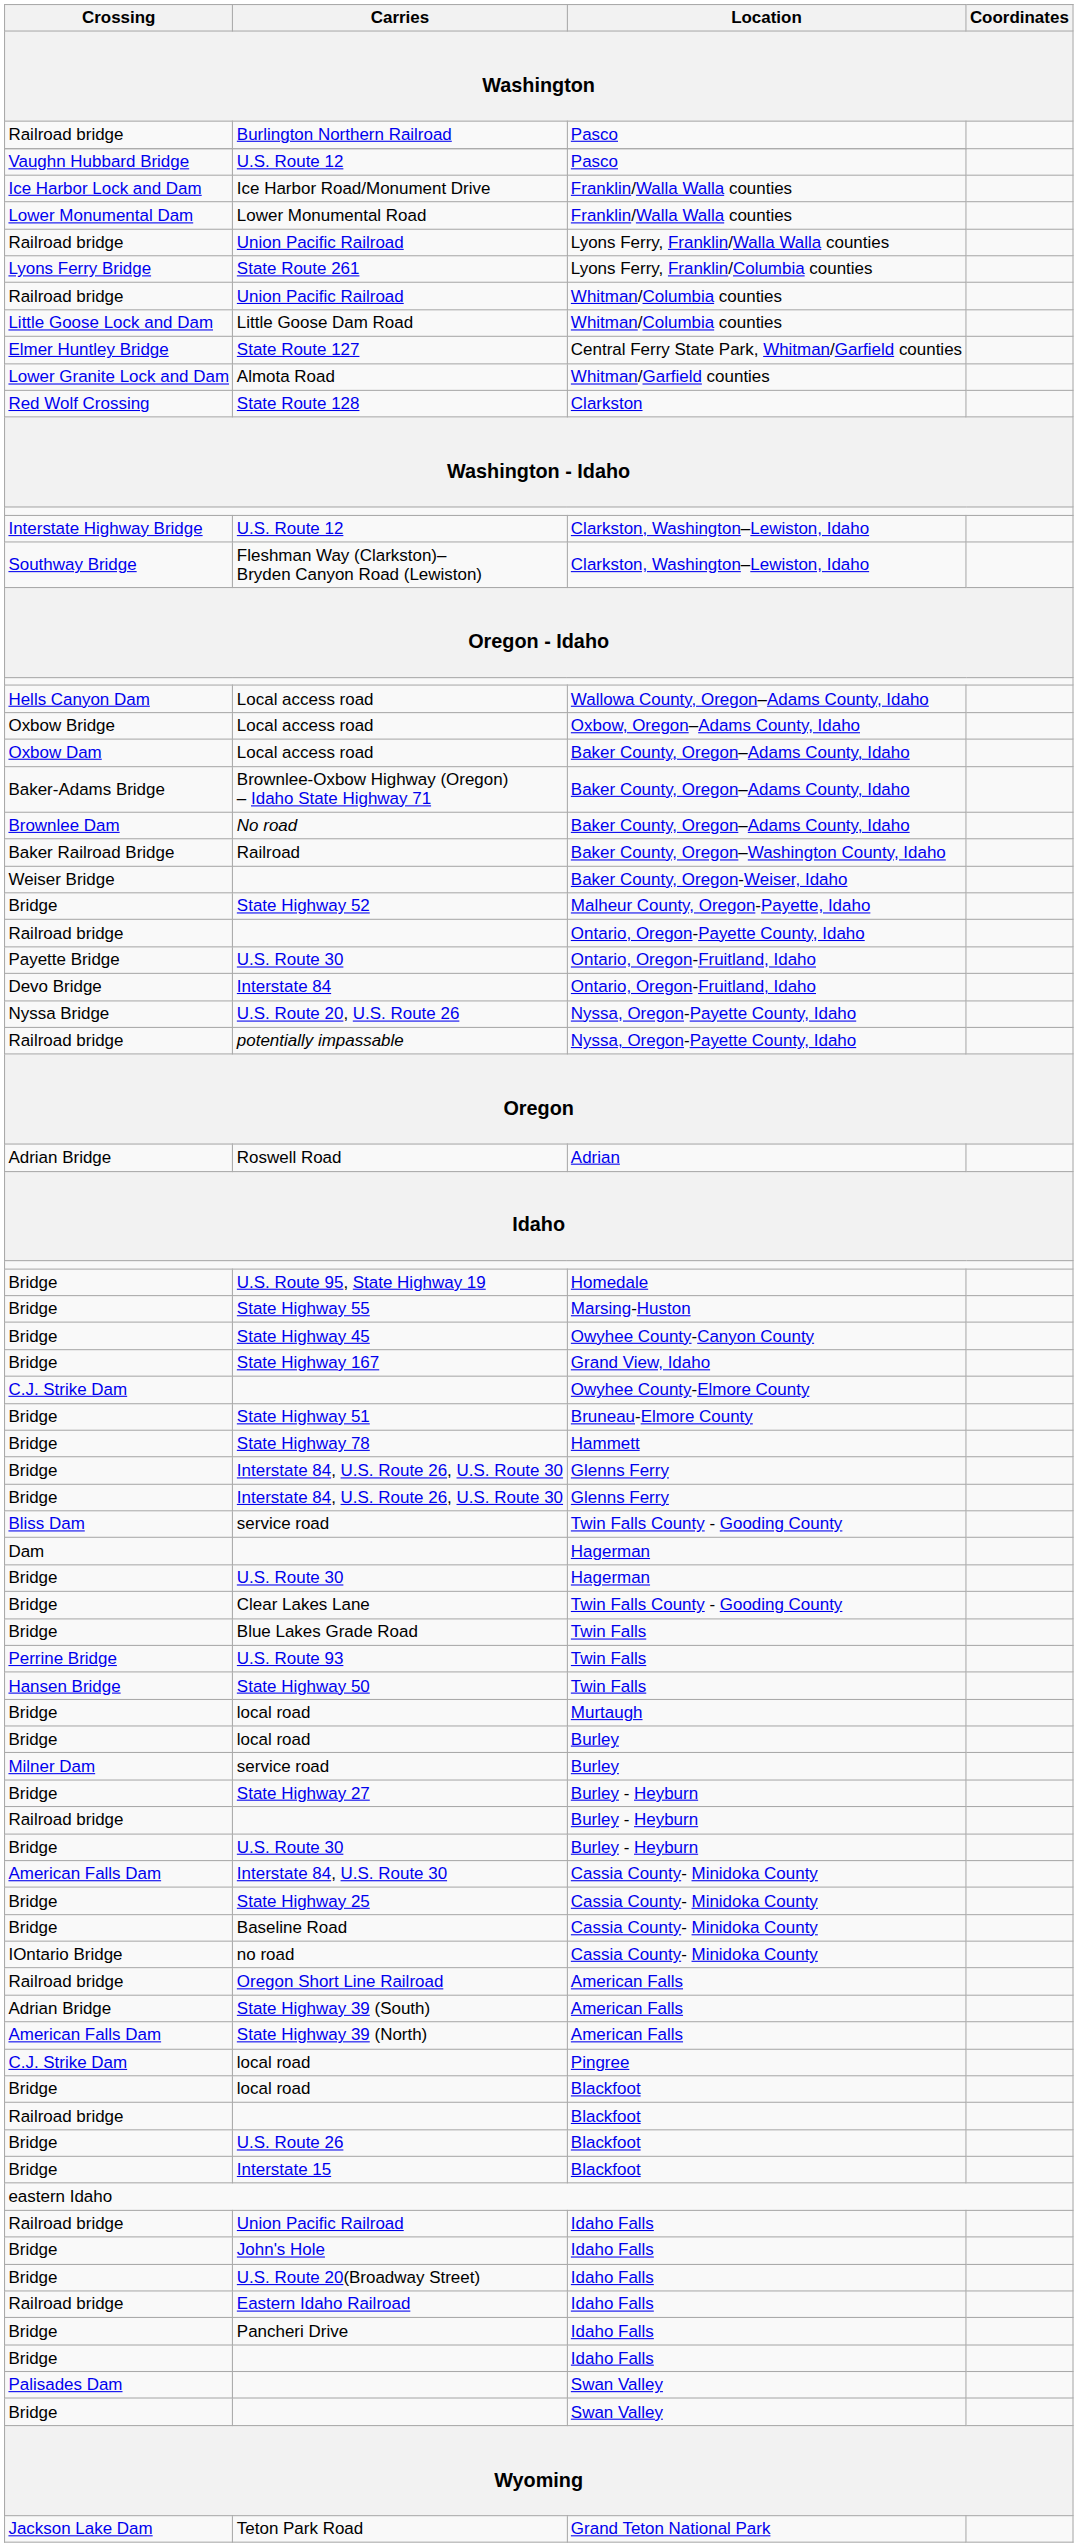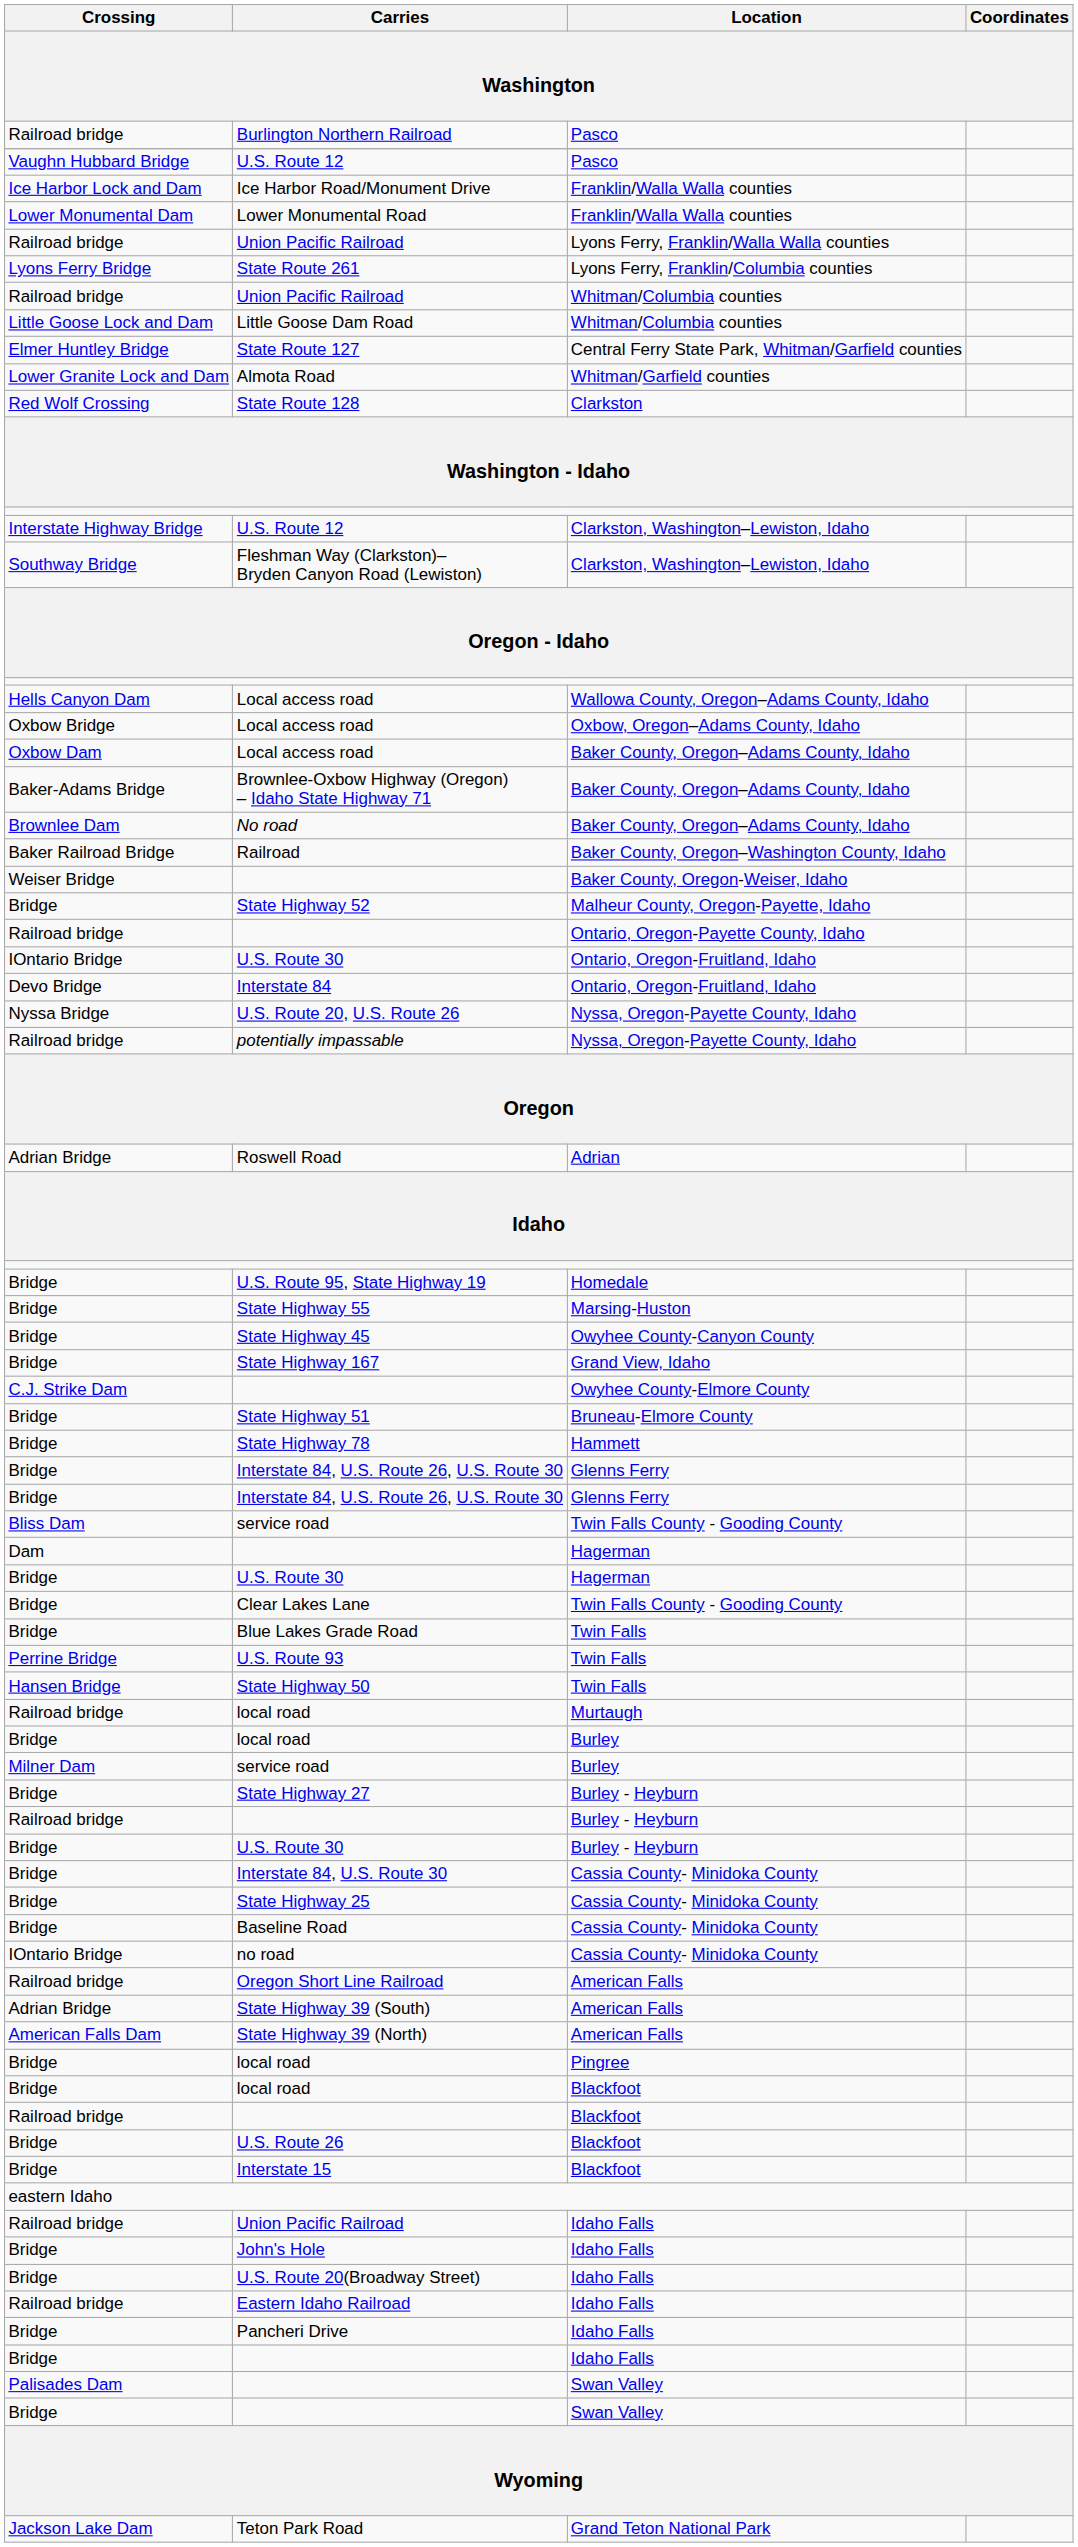 <table class=wikitable |}>
 <tr>
 <th>Crossing</th>
 <th>Carries</th>
 <th>Location</th>
 <th>Coordinates</th>
 </tr>
 <tr>
 <th colspan=4><br><h3>Washington</h3></th>
 </tr>
 <tr>
 <td>Railroad bridge</td>
 <td><a href='#'>Burlington Northern Railroad</a></td>
 <td><a href='#'>Pasco</a></td>
 </tr>
 <tr>
 </tr>
 <tr>
 <td><a href='#'>Vaughn Hubbard Bridge</a></td>
 <td> <a href='#'>U.S. Route 12</a></td>
 <td><a href='#'>Pasco</a></td>
 <td></td>
 </tr>
 <tr>
 <td><a href='#'>Ice Harbor Lock and Dam</a></td>
 <td>Ice Harbor Road/Monument Drive</td>
 <td><a href='#'>Franklin</a>/<a href='#'>Walla Walla</a> counties</td>
 <td></td>
 </tr>
 <tr>
 <td><a href='#'>Lower Monumental Dam</a></td>
 <td>Lower Monumental Road</td>
 <td><a href='#'>Franklin</a>/<a href='#'>Walla Walla</a> counties</td>
 <td></td>
 </tr>
 <tr>
 <td>Railroad bridge</td>
 <td><a href='#'>Union Pacific Railroad</a></td>
 <td>Lyons Ferry, <a href='#'>Franklin</a>/<a href='#'>Walla Walla</a> counties</td>
 <td></td>
 </tr>
 <tr>
 <td><a href='#'>Lyons Ferry Bridge</a></td>
 <td> <a href='#'>State Route 261</a></td>
 <td>Lyons Ferry, <a href='#'>Franklin</a>/<a href='#'>Columbia</a> counties</td>
 <td></td>
 </tr>
 <tr>
 <td>Railroad bridge</td>
 <td><a href='#'>Union Pacific Railroad</a></td>
 <td><a href='#'>Whitman</a>/<a href='#'>Columbia</a> counties</td>
 <td></td>
 </tr>
 <tr>
 <td><a href='#'>Little Goose Lock and Dam</a></td>
 <td>Little Goose Dam Road</td>
 <td><a href='#'>Whitman</a>/<a href='#'>Columbia</a> counties</td>
 <td></td>
 </tr>
 <tr>
 <td><a href='#'>Elmer Huntley Bridge</a></td>
 <td> <a href='#'>State Route 127</a></td>
 <td>Central Ferry State Park, <a href='#'>Whitman</a>/<a href='#'>Garfield</a> counties</td>
 <td></td>
 </tr>
 <tr>
 <td><a href='#'>Lower Granite Lock and Dam</a></td>
 <td>Almota Road</td>
 <td><a href='#'>Whitman</a>/<a href='#'>Garfield</a> counties</td>
 <td></td>
 </tr>
 <tr>
 <td><a href='#'>Red Wolf Crossing</a></td>
 <td> <a href='#'>State Route 128</a></td>
 <td><a href='#'>Clarkston</a></td>
 <td></td>
 </tr>
 <tr>
 <th colspan=4><br><h3>Washington - Idaho</h3></th>
 </tr>
 <tr>
 <td colspan=4></td>
 </tr>
 <tr>
 <td><a href='#'>Interstate Highway Bridge</a></td>
 <td> <a href='#'>U.S. Route 12</a></td>
 <td><a href='#'>Clarkston, Washington</a>–<a href='#'>Lewiston, Idaho</a></td>
 <td></td>
 </tr>
 <tr>
 <td><a href='#'>Southway Bridge</a></td>
 <td>Fleshman Way (Clarkston)–<br>Bryden Canyon Road (Lewiston)</td>
 <td><a href='#'>Clarkston, Washington</a>–<a href='#'>Lewiston, Idaho</a></td>
 <td></td>
 </tr>
 <tr>
 <th colspan=4><br><h3>Oregon - Idaho</h3></th>
 </tr>
 <tr>
 <td colspan=4></td>
 </tr>
 <tr>
 <td><a href='#'>Hells Canyon Dam</a></td>
 <td>Local access road</td>
 <td><a href='#'>Wallowa County, Oregon</a>–<a href='#'>Adams County, Idaho</a></td>
 <td></td>
 </tr>
 <tr>
 <td>Oxbow Bridge</td>
 <td>Local access road</td>
 <td><a href='#'>Oxbow, Oregon</a>–<a href='#'>Adams County, Idaho</a></td>
 <td></td>
 </tr>
 <tr>
 <td><a href='#'>Oxbow Dam</a></td>
 <td>Local access road</td>
 <td><a href='#'>Baker County, Oregon</a>–<a href='#'>Adams County, Idaho</a></td>
 <td></td>
 </tr>
 <tr>
 <td>Baker-Adams Bridge</td>
 <td>Brownlee-Oxbow Highway (Oregon)<br>– <a href='#'>Idaho State Highway 71</a></td>
 <td><a href='#'>Baker County, Oregon</a>–<a href='#'>Adams County, Idaho</a></td>
 <td></td>
 </tr>
 <tr>
 <td><a href='#'>Brownlee Dam</a></td>
 <td><em>No road</em></td>
 <td><a href='#'>Baker County, Oregon</a>–<a href='#'>Adams County, Idaho</a></td>
 <td></td>
 </tr>
 <tr>
 <td>Baker Railroad Bridge</td>
 <td>Railroad</td>
 <td><a href='#'>Baker County, Oregon</a>–<a href='#'>Washington County, Idaho</a></td>
 <td></td>
 </tr>
 <tr>
 <td>Weiser Bridge</td>
 <td></td>
 <td><a href='#'>Baker County, Oregon</a>-<a href='#'>Weiser, Idaho</a></td>
 <td></td>
 </tr>
 <tr>
 <td>Bridge</td>
 <td> <a href='#'>State Highway 52</a></td>
 <td><a href='#'>Malheur County, Oregon</a>-<a href='#'>Payette, Idaho</a></td>
 <td></td>
 </tr>
 <tr>
 <td>Railroad bridge</td>
 <td></td>
 <td><a href='#'>Ontario, Oregon</a>-<a href='#'>Payette County, Idaho</a></td>
 <td></td>
 </tr>
 <tr>
-<td>Payette Bridge</td>
+<td>IOntario Bridge</td>
 <td> <a href='#'>U.S. Route 30</a></td>
 <td><a href='#'>Ontario, Oregon</a>-<a href='#'>Fruitland, Idaho</a></td>
 <td></td>
 </tr>
 <tr>
 <td>Devo Bridge</td>
 <td> <a href='#'>Interstate 84</a></td>
 <td><a href='#'>Ontario, Oregon</a>-<a href='#'>Fruitland, Idaho</a></td>
 <td></td>
 </tr>
 <tr>
 <td>Nyssa Bridge</td>
 <td> <a href='#'>U.S. Route 20</a>, <a href='#'>U.S. Route 26</a></td>
 <td><a href='#'>Nyssa, Oregon</a>-<a href='#'>Payette County, Idaho</a></td>
 <td></td>
 </tr>
 <tr>
 <td>Railroad bridge</td>
 <td><em>potentially impassable</em></td>
 <td><a href='#'>Nyssa, Oregon</a>-<a href='#'>Payette County, Idaho</a></td>
 <td></td>
 </tr>
 <tr>
 <th colspan=4><br><h3>Oregon</h3></th>
 </tr>
 <tr>
 <td>Adrian Bridge</td>
 <td>Roswell Road</td>
 <td><a href='#'>Adrian</a></td>
 <td></td>
 </tr>
 <tr>
 <th colspan=4><br><h3>Idaho</h3></th>
 </tr>
 <tr>
 <td colspan=4></td>
 </tr>
 <tr>
 <td>Bridge</td>
 <td> <a href='#'>U.S. Route 95</a>, <a href='#'>State Highway 19</a></td>
 <td><a href='#'>Homedale</a></td>
 <td></td>
 </tr>
 <tr>
 <td>Bridge</td>
 <td> <a href='#'>State Highway 55</a></td>
 <td><a href='#'>Marsing</a>-<a href='#'>Huston</a></td>
 <td></td>
 </tr>
 <tr>
 <td>Bridge</td>
 <td> <a href='#'>State Highway 45</a></td>
 <td><a href='#'>Owyhee County</a>-<a href='#'>Canyon County</a></td>
 <td></td>
 </tr>
 <tr>
 <td>Bridge</td>
 <td> <a href='#'>State Highway 167</a></td>
 <td><a href='#'>Grand View, Idaho</a></td>
 <td></td>
 </tr>
 <tr>
 <td><a href='#'>C.J. Strike Dam</a></td>
 <td></td>
 <td><a href='#'>Owyhee County</a>-<a href='#'>Elmore County</a></td>
 <td></td>
 </tr>
 <tr>
 <td>Bridge</td>
 <td> <a href='#'>State Highway 51</a></td>
 <td><a href='#'>Bruneau</a>-<a href='#'>Elmore County</a></td>
 <td></td>
 </tr>
 <tr>
 <td>Bridge</td>
 <td> <a href='#'>State Highway 78</a></td>
 <td><a href='#'>Hammett</a></td>
 <td></td>
 </tr>
 <tr>
 <td>Bridge</td>
 <td> <a href='#'>Interstate 84</a>, <a href='#'>U.S. Route 26</a>, <a href='#'>U.S. Route 30</a></td>
 <td><a href='#'>Glenns Ferry</a></td>
 <td></td>
 </tr>
 <tr>
 <td>Bridge</td>
 <td> <a href='#'>Interstate 84</a>, <a href='#'>U.S. Route 26</a>, <a href='#'>U.S. Route 30</a></td>
 <td><a href='#'>Glenns Ferry</a></td>
 <td></td>
 </tr>
 <tr>
 <td><a href='#'>Bliss Dam</a></td>
 <td>service road</td>
 <td><a href='#'>Twin Falls County</a> - <a href='#'>Gooding County</a></td>
 <td></td>
 </tr>
 <tr>
 <td>Dam</td>
 <td></td>
 <td><a href='#'>Hagerman</a></td>
 <td></td>
 </tr>
 <tr>
 <td>Bridge</td>
 <td> <a href='#'>U.S. Route 30</a></td>
 <td><a href='#'>Hagerman</a></td>
 <td></td>
 </tr>
 <tr>
 <td>Bridge</td>
 <td>Clear Lakes Lane</td>
 <td><a href='#'>Twin Falls County</a> - <a href='#'>Gooding County</a></td>
 <td></td>
 </tr>
 <tr>
 <td>Bridge</td>
 <td>Blue Lakes Grade Road</td>
 <td><a href='#'>Twin Falls</a></td>
 <td></td>
 </tr>
 <tr>
 <td><a href='#'>Perrine Bridge</a></td>
 <td> <a href='#'>U.S. Route 93</a></td>
 <td><a href='#'>Twin Falls</a></td>
 <td></td>
 </tr>
 <tr>
 <td><a href='#'>Hansen Bridge</a></td>
 <td> <a href='#'>State Highway 50</a></td>
 <td><a href='#'>Twin Falls</a></td>
 <td></td>
 </tr>
 <tr>
-<td>Bridge</td>
+<td>Railroad bridge</td>
 <td>local road</td>
 <td><a href='#'>Murtaugh</a></td>
 <td></td>
 </tr>
 <tr>
 <td>Bridge</td>
 <td>local road</td>
 <td><a href='#'>Burley</a></td>
 <td></td>
 </tr>
 <tr>
 <td><a href='#'>Milner Dam</a></td>
 <td>service road</td>
 <td><a href='#'>Burley</a></td>
 <td></td>
 </tr>
 <tr>
 <td>Bridge</td>
 <td> <a href='#'>State Highway 27</a></td>
 <td><a href='#'>Burley</a> - <a href='#'>Heyburn</a></td>
 <td></td>
 </tr>
 <tr>
 <td>Railroad bridge</td>
 <td></td>
 <td><a href='#'>Burley</a> - <a href='#'>Heyburn</a></td>
 <td></td>
 </tr>
 <tr>
 <td>Bridge</td>
 <td> <a href='#'>U.S. Route 30</a></td>
 <td><a href='#'>Burley</a> - <a href='#'>Heyburn</a></td>
 <td></td>
 </tr>
 <tr>
-<td><a href='#'>American Falls Dam</a></td>
+<td>Bridge</td>
 <td> <a href='#'>Interstate 84</a>, <a href='#'>U.S. Route 30</a></td>
 <td><a href='#'>Cassia County</a>- <a href='#'>Minidoka County</a></td>
 <td></td>
 </tr>
 <tr>
 <td>Bridge</td>
 <td><a href='#'>State Highway 25</a></td>
 <td><a href='#'>Cassia County</a>- <a href='#'>Minidoka County</a></td>
 <td></td>
 </tr>
 <tr>
 <td>Bridge</td>
 <td>Baseline Road</td>
 <td><a href='#'>Cassia County</a>- <a href='#'>Minidoka County</a></td>
 <td></td>
 </tr>
 <tr>
 <td>IOntario Bridge</td>
 <td>no road</td>
 <td><a href='#'>Cassia County</a>- <a href='#'>Minidoka County</a></td>
 <td></td>
 </tr>
 <tr>
 <td>Railroad bridge</td>
 <td><a href='#'>Oregon Short Line Railroad</a></td>
 <td><a href='#'>American Falls</a></td>
 <td></td>
 </tr>
 <tr>
 <td>Adrian Bridge</td>
 <td> <a href='#'>State Highway 39</a> (South)</td>
 <td><a href='#'>American Falls</a></td>
 <td></td>
 </tr>
 <tr>
 <td><a href='#'>American Falls Dam</a></td>
 <td> <a href='#'>State Highway 39</a> (North)</td>
 <td><a href='#'>American Falls</a></td>
 <td></td>
 </tr>
 <tr>
-<td><a href='#'>C.J. Strike Dam</a></td>
+<td>Bridge</td>
 <td>local road</td>
 <td><a href='#'>Pingree</a></td>
 <td></td>
 </tr>
 <tr>
 <td>Bridge</td>
 <td>local road</td>
 <td><a href='#'>Blackfoot</a></td>
 <td></td>
 </tr>
 <tr>
 <td>Railroad bridge</td>
 <td></td>
 <td><a href='#'>Blackfoot</a></td>
 <td></td>
 </tr>
 <tr>
 <td>Bridge</td>
 <td> <a href='#'>U.S. Route 26</a></td>
 <td><a href='#'>Blackfoot</a></td>
 <td></td>
 </tr>
 <tr>
 <td>Bridge</td>
 <td> <a href='#'>Interstate 15</a></td>
 <td><a href='#'>Blackfoot</a></td>
 <td></td>
 </tr>
 <tr>
 <td colspan=4>eastern Idaho</td>
 </tr>
 <tr>
 <td>Railroad bridge</td>
 <td><a href='#'>Union Pacific Railroad</a></td>
 <td><a href='#'>Idaho Falls</a></td>
 <td></td>
 </tr>
 <tr>
 <td>Bridge</td>
 <td><a href='#'>John's Hole</a></td>
 <td><a href='#'>Idaho Falls</a></td>
 <td></td>
 </tr>
 <tr>
 <td>Bridge</td>
 <td> <a href='#'>U.S. Route 20</a>(Broadway Street)</td>
 <td><a href='#'>Idaho Falls</a></td>
 <td></td>
 </tr>
 <tr>
 <td>Railroad bridge</td>
 <td><a href='#'>Eastern Idaho Railroad</a></td>
 <td><a href='#'>Idaho Falls</a></td>
 <td></td>
 </tr>
 <tr>
 <td>Bridge</td>
 <td>Pancheri Drive</td>
 <td><a href='#'>Idaho Falls</a></td>
 <td></td>
 </tr>
 <tr>
 <td>Bridge</td>
 <td></td>
 <td><a href='#'>Idaho Falls</a></td>
 <td></td>
 </tr>
 <tr>
 <td><a href='#'>Palisades Dam</a></td>
 <td></td>
 <td><a href='#'>Swan Valley</a></td>
 <td></td>
 </tr>
 <tr>
 <td>Bridge</td>
 <td></td>
 <td><a href='#'>Swan Valley</a></td>
 <td></td>
 </tr>
 <tr>
 <th colspan=4><br><h3>Wyoming</h3></th>
 </tr>
 <tr>
 <td><a href='#'>Jackson Lake Dam</a></td>
 <td>Teton Park Road</td>
 <td><a href='#'>Grand Teton National Park</a></td>
 <td></td>
 </tr>
 </table>
